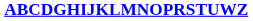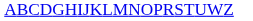 <table id="toc" class="toc" summary="Class">
 <tr>
 <th></th>
 </tr>
 <tr>
-<td style="text-align:center;"><strong><a href='#'>A</a><a href='#'>B</a><a href='#'>C</a><a href='#'>D</a><a href='#'>G</a><a href='#'>H</a><a href='#'>I</a><a href='#'>J</a><a href='#'>K</a><a href='#'>L</a><a href='#'>M</a><a href='#'>N</a><a href='#'>O</a><a href='#'>P</a><a href='#'>R</a><a href='#'>S</a><a href='#'>T</a><a href='#'>U</a><a href='#'>W</a><a href='#'>Z</a></strong></td>
+<td style="text-align:center;"><a href='#'>A</a><a href='#'>B</a><a href='#'>C</a><a href='#'>D</a><a href='#'>G</a><a href='#'>H</a><a href='#'>I</a><a href='#'>J</a><a href='#'>K</a><a href='#'>L</a><a href='#'>M</a><a href='#'>N</a><a href='#'>O</a><a href='#'>P</a><a href='#'>R</a><a href='#'>S</a><a href='#'>T</a><a href='#'>U</a><a href='#'>W</a><a href='#'>Z</a></td>
 </tr>
 </table>
